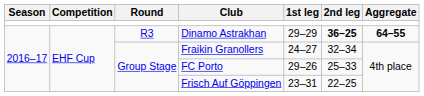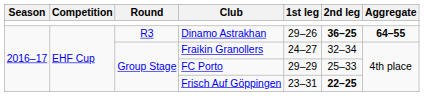 <table class="wikitable">
 <tr>
 <th>Season</th>
 <th>Competition</th>
 <th>Round</th>
 <th>Club</th>
 <th>1st leg</th>
 <th>2nd leg</th>
 <th>Aggregate</th>
 </tr>
 <tr>
 <td colspan="7" bgcolor=white></td>
 </tr>
 <tr>
 <td rowspan="4"><a href='#'>2016–17</a></td>
 <td rowspan="4"><a href='#'>EHF Cup</a></td>
 <td style="text-align:center;"><a href='#'>R3</a></td>
 <td> <a href='#'>Dinamo Astrakhan</a></td>
-<td style="text-align:center;">29–29</td>
+<td style="text-align:center;">29–26</td>
 <td style="text-align:center;"><strong>36–25</strong></td>
 <td style="text-align:center;"><strong>64–55</strong></td>
 </tr>
 <tr>
 <td rowspan="3" style="text-align:center;"><a href='#'>Group Stage</a></td>
 <td> <a href='#'>Fraikin Granollers</a></td>
 <td style="text-align:center;">24–27</td>
 <td style="text-align:center;">32–34</td>
 <td rowspan="3" style="text-align:center;">4th place</td>
 </tr>
 <tr>
 <td> <a href='#'>FC Porto</a></td>
-<td style="text-align:center;">29–26</td>
+<td style="text-align:center;">29–29</td>
 <td style="text-align:center;">25–33</td>
 </tr>
 <tr>
 <td> <a href='#'>Frisch Auf Göppingen</a></td>
 <td style="text-align:center;">23–31</td>
-<td style="text-align:center;">22–25</td>
+<td style="text-align:center;"><strong>22–25</strong></td>
 </tr>
 </table>
